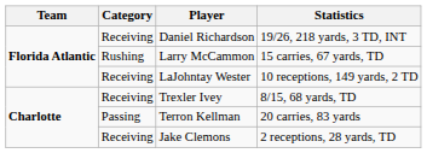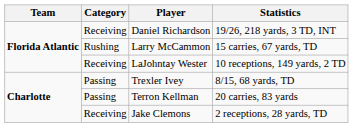 <table class="wikitable" style="float: right;">
 <tr>
 <th>Team</th>
 <th>Category</th>
 <th>Player</th>
 <th>Statistics</th>
 </tr>
 <tr>
 <td rowspan=3><strong>Florida Atlantic</strong></td>
 <td>Receiving</td>
 <td>Daniel Richardson</td>
 <td>19/26, 218 yards, 3 TD, INT</td>
 </tr>
 <tr>
 <td>Rushing</td>
 <td>Larry McCammon</td>
 <td>15 carries, 67 yards, TD</td>
 </tr>
 <tr>
 <td>Receiving</td>
 <td>LaJohntay Wester</td>
 <td>10 receptions, 149 yards, 2 TD</td>
 </tr>
 <tr>
 <td rowspan=3><strong>Charlotte</strong></td>
-<td>Receiving</td>
+<td>Passing</td>
 <td>Trexler Ivey</td>
 <td>8/15, 68 yards, TD</td>
 </tr>
 <tr>
 <td>Passing</td>
 <td>Terron Kellman</td>
 <td>20 carries, 83 yards</td>
 </tr>
 <tr>
 <td>Receiving</td>
 <td>Jake Clemons</td>
 <td>2 receptions, 28 yards, TD</td>
 </tr>
 </table>
